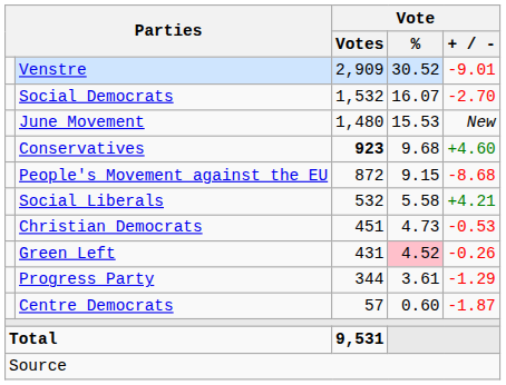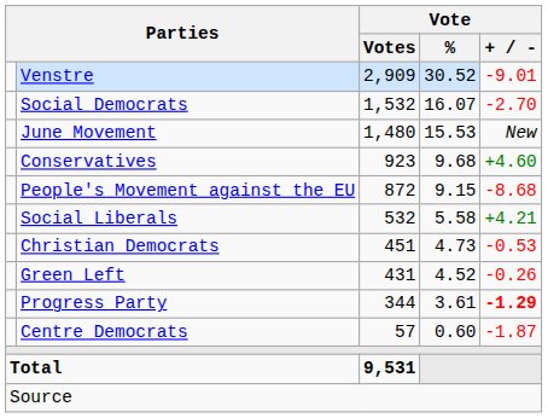 <table class="wikitable" style="text-align:right;">
 <tr>
 <th style="text-align:centre;" rowspan="2" colspan="2" width="225">Parties</th>
 <th colspan="3">Vote</th>
 </tr>
 <tr>
 <th width="15">Votes</th>
 <th width="15">%</th>
 <th width="15">+ / -</th>
 </tr>
 <tr>
 <td width="2" style="color:inherit;background:"></td>
 <td bgcolor=#cfe5fe   align="left"><a href='#'>Venstre</a></td>
 <td bgcolor=#cfe5fe>2,909</td>
 <td bgcolor=#cfe5fe>30.52</td>
 <td style=color:red;>-9.01</td>
 </tr>
 <tr>
 <td width="2" style="color:inherit;background:"></td>
 <td align="left"><a href='#'>Social Democrats</a></td>
 <td>1,532</td>
 <td>16.07</td>
 <td style=color:red;>-2.70</td>
 </tr>
 <tr>
 <td width="2" style="color:inherit;background:"></td>
 <td align="left"><a href='#'>June Movement</a></td>
 <td>1,480</td>
 <td>15.53</td>
 <td><em>New</em></td>
 </tr>
 <tr>
 <td width="2" style="color:inherit;background:"></td>
 <td align="left"><a href='#'>Conservatives</a></td>
-<td><strong>923</strong></td>
+<td>923</td>
 <td>9.68</td>
 <td style=color:green;>+4.60</td>
 </tr>
 <tr>
 <td width="2" style="color:inherit;background:"></td>
 <td align="left"><a href='#'>People's Movement against the EU</a></td>
 <td>872</td>
 <td>9.15</td>
 <td style=color:red;>-8.68</td>
 </tr>
 <tr>
 <td width="2" style="color:inherit;background:"></td>
 <td align="left"><a href='#'>Social Liberals</a></td>
 <td>532</td>
 <td>5.58</td>
 <td style=color:green;>+4.21</td>
 </tr>
 <tr>
 <td width="2" style="color:inherit;background:"></td>
 <td align="left"><a href='#'>Christian Democrats</a></td>
 <td>451</td>
 <td>4.73</td>
 <td style=color:red;>-0.53</td>
 </tr>
 <tr>
 <td width="2" style="color:inherit;background:"></td>
 <td align="left"><a href='#'>Green Left</a></td>
 <td>431</td>
-<td style="background: pink;">4.52</td>
+<td>4.52</td>
 <td style=color:red;>-0.26</td>
 </tr>
 <tr>
 <td width="2" style="color:inherit;background:"></td>
 <td align="left"><a href='#'>Progress Party</a></td>
 <td>344</td>
 <td>3.61</td>
-<td style=color:red;>-1.29</td>
+<td style=color:red;><strong>-1.29</strong></td>
 </tr>
 <tr>
 <td width="2" style="color:inherit;background:"></td>
 <td align="left"><a href='#'>Centre Democrats</a></td>
 <td>57</td>
 <td>0.60</td>
 <td style=color:red;>-1.87</td>
 </tr>
 <tr>
 <td colspan="7" bgcolor="#E9E9E9"></td>
 </tr>
 <tr>
 <td align="left" colspan="2"><strong>Total</strong></td>
 <td><strong>9,531</strong></td>
 <td bgcolor="#E9E9E9" colspan="2"></td>
 </tr>
 <tr>
 <td align="left" colspan="6">Source</td>
 </tr>
 </table>
